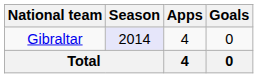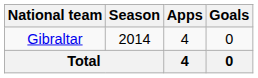 <table class="wikitable" style="text-align: center">
 <tr>
 <th>National team</th>
 <th>Season</th>
 <th>Apps</th>
 <th>Goals</th>
 </tr>
 <tr>
 <td><a href='#'>Gibraltar</a></td>
-<td style="background: lavender;">2014</td>
+<td>2014</td>
 <td>4</td>
 <td>0</td>
 </tr>
 <tr>
 <th colspan="2">Total</th>
 <th>4</th>
 <th>0</th>
 </tr>
 </table>
